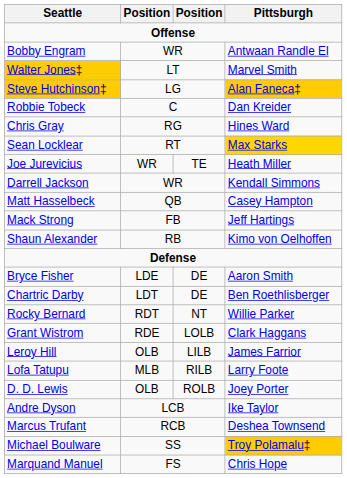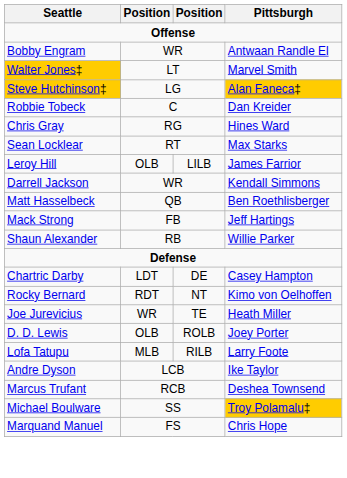 <table class="wikitable">
 <tr>
 <th width="150px">Seattle</th>
 <th>Position</th>
 <th>Position</th>
 <th width="150px">Pittsburgh</th>
 </tr>
 <tr>
 <td colspan="4" align="center"><strong>Offense</strong></td>
 </tr>
 <tr>
 <td><a href='#'>Bobby Engram</a></td>
 <td colspan="2" align="center">WR</td>
 <td><a href='#'>Antwaan Randle El</a></td>
 </tr>
 <tr>
 <td bgcolor="#FFCC00"><a href='#'>Walter Jones</a>‡</td>
 <td colspan="2" align="center">LT</td>
 <td><a href='#'>Marvel Smith</a></td>
 </tr>
 <tr>
 <td bgcolor="#FFCC00"><a href='#'>Steve Hutchinson</a>‡</td>
 <td colspan="2" align="center">LG</td>
 <td bgcolor="#FFCC00"><a href='#'>Alan Faneca</a>‡</td>
 </tr>
 <tr>
 <td><a href='#'>Robbie Tobeck</a></td>
 <td colspan="2" align="center">C</td>
 <td><a href='#'>Dan Kreider</a></td>
 </tr>
 <tr>
 <td><a href='#'>Chris Gray</a></td>
 <td colspan="2" align="center">RG</td>
 <td><a href='#'>Hines Ward</a></td>
 </tr>
 <tr>
 <td><a href='#'>Sean Locklear</a></td>
 <td colspan="2" align="center">RT</td>
-<td style="background: gold;"><a href='#'>Max Starks</a></td>
+<td><a href='#'>Max Starks</a></td>
 </tr>
 <tr>
-<td><a href='#'>Joe Jurevicius</a></td>
-<td align="center">WR</td>
-<td align="center">TE</td>
-<td><a href='#'>Heath Miller</a></td>
+<td><a href='#'>Leroy Hill</a></td>
+<td align="center">OLB</td>
+<td align="center">LILB</td>
+<td><a href='#'>James Farrior</a></td>
 </tr>
 <tr>
 <td><a href='#'>Darrell Jackson</a></td>
 <td colspan="2" align="center">WR</td>
 <td><a href='#'>Kendall Simmons</a></td>
 </tr>
 <tr>
 <td><a href='#'>Matt Hasselbeck</a></td>
 <td colspan="2" align="center">QB</td>
-<td><a href='#'>Casey Hampton</a></td>
+<td><a href='#'>Ben Roethlisberger</a></td>
 </tr>
 <tr>
 <td><a href='#'>Mack Strong</a></td>
 <td colspan="2" align="center">FB</td>
 <td><a href='#'>Jeff Hartings</a></td>
 </tr>
 <tr>
 <td><a href='#'>Shaun Alexander</a></td>
 <td colspan="2" align="center">RB</td>
-<td><a href='#'>Kimo von Oelhoffen</a></td>
+<td><a href='#'>Willie Parker</a></td>
 </tr>
 <tr>
 <td colspan="4" align="center"><strong>Defense</strong></td>
 </tr>
 <tr>
-<td><a href='#'>Bryce Fisher</a></td>
-<td align="center">LDE</td>
-<td align="center">DE</td>
-<td><a href='#'>Aaron Smith</a></td>
-</tr>
-<tr>
 <td><a href='#'>Chartric Darby</a></td>
 <td align="center">LDT</td>
 <td align="center">DE</td>
-<td><a href='#'>Ben Roethlisberger</a></td>
+<td><a href='#'>Casey Hampton</a></td>
 </tr>
 <tr>
 <td><a href='#'>Rocky Bernard</a></td>
 <td align="center">RDT</td>
 <td align="center">NT</td>
-<td><a href='#'>Willie Parker</a></td>
+<td><a href='#'>Kimo von Oelhoffen</a></td>
 </tr>
 <tr>
-<td><a href='#'>Grant Wistrom</a></td>
-<td align="center">RDE</td>
-<td align="center">LOLB</td>
-<td><a href='#'>Clark Haggans</a></td>
+<td><a href='#'>Joe Jurevicius</a></td>
+<td align="center">WR</td>
+<td align="center">TE</td>
+<td><a href='#'>Heath Miller</a></td>
 </tr>
 <tr>
-<td><a href='#'>Leroy Hill</a></td>
+<td><a href='#'>D. D. Lewis</a></td>
 <td align="center">OLB</td>
-<td align="center">LILB</td>
-<td><a href='#'>James Farrior</a></td>
+<td align="center">ROLB</td>
+<td><a href='#'>Joey Porter</a></td>
 </tr>
 <tr>
 <td><a href='#'>Lofa Tatupu</a></td>
 <td align="center">MLB</td>
 <td align="center">RILB</td>
 <td><a href='#'>Larry Foote</a></td>
-</tr>
-<tr>
-<td><a href='#'>D. D. Lewis</a></td>
-<td align="center">OLB</td>
-<td align="center">ROLB</td>
-<td><a href='#'>Joey Porter</a></td>
 </tr>
 <tr>
 <td><a href='#'>Andre Dyson</a></td>
 <td colspan="2" align="center">LCB</td>
 <td><a href='#'>Ike Taylor</a></td>
 </tr>
 <tr>
 <td><a href='#'>Marcus Trufant</a></td>
 <td colspan="2" align="center">RCB</td>
 <td><a href='#'>Deshea Townsend</a></td>
 </tr>
 <tr>
 <td><a href='#'>Michael Boulware</a></td>
 <td colspan="2" align="center">SS</td>
 <td bgcolor="#FFCC00"><a href='#'>Troy Polamalu</a>‡</td>
 </tr>
 <tr>
 <td><a href='#'>Marquand Manuel</a></td>
 <td colspan="2" align="center">FS</td>
 <td><a href='#'>Chris Hope</a></td>
 </tr>
 </table>
